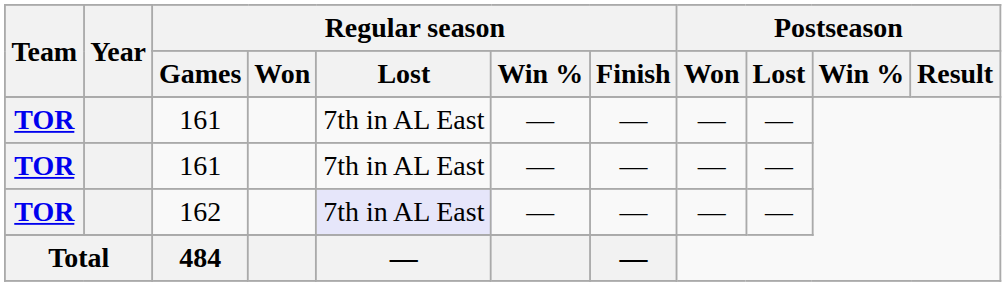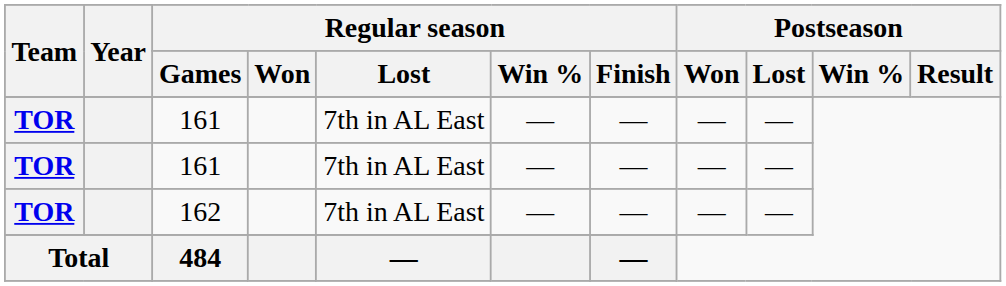 <table class="wikitable" style="font-size: 95%; text-align:center;">
 <tr>
 <th rowspan="2">Team</th>
 <th rowspan="2">Year</th>
 <th colspan="5">Regular season</th>
 <th colspan="4">Postseason</th>
 </tr>
 <tr>
 <th>Games</th>
 <th>Won</th>
 <th>Lost</th>
 <th>Win %</th>
 <th>Finish</th>
 <th>Won</th>
 <th>Lost</th>
 <th>Win %</th>
 <th>Result</th>
 </tr>
 <tr>
 </tr>
 <tr>
 <th><a href='#'>TOR</a></th>
 <th></th>
 <td>161</td>
 <td></td>
 <td>7th in AL East</td>
 <td>—</td>
 <td>—</td>
 <td>—</td>
 <td>—</td>
 </tr>
 <tr>
 <th><a href='#'>TOR</a></th>
 <th></th>
 <td>161</td>
 <td></td>
 <td>7th in AL East</td>
 <td>—</td>
 <td>—</td>
 <td>—</td>
 <td>—</td>
 </tr>
 <tr>
 <th><a href='#'>TOR</a></th>
 <th></th>
 <td>162</td>
 <td></td>
-<td style="background: lavender;">7th in AL East</td>
+<td>7th in AL East</td>
 <td>—</td>
 <td>—</td>
 <td>—</td>
 <td>—</td>
 </tr>
 <tr>
 </tr>
 <tr>
 <th colspan="2">Total</th>
 <th>484</th>
 <th></th>
 <th>—</th>
 <th></th>
 <th>—</th>
 </tr>
 </table>
